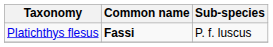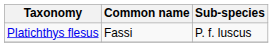 <table class="wikitable">
 <tr>
 <th>Taxonomy</th>
 <th>Common name</th>
 <th>Sub-species</th>
 </tr>
 <tr>
 <td><a href='#'>Platichthys flesus</a></td>
-<td><strong>Fassi</strong></td>
+<td>Fassi</td>
 <td>P. f. luscus</td>
 </tr>
 <tr>
 </tr>
 </table>
